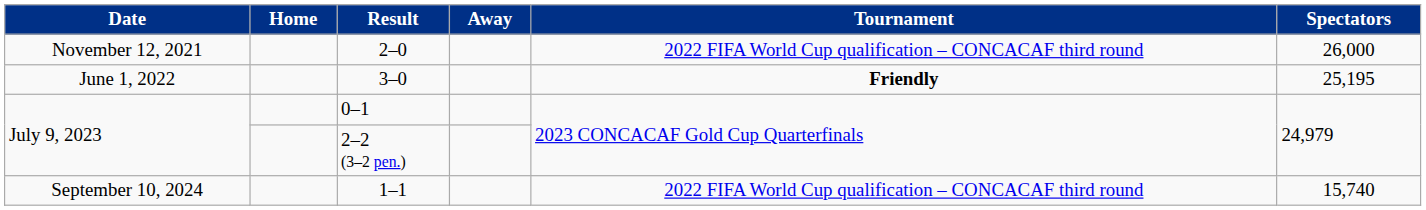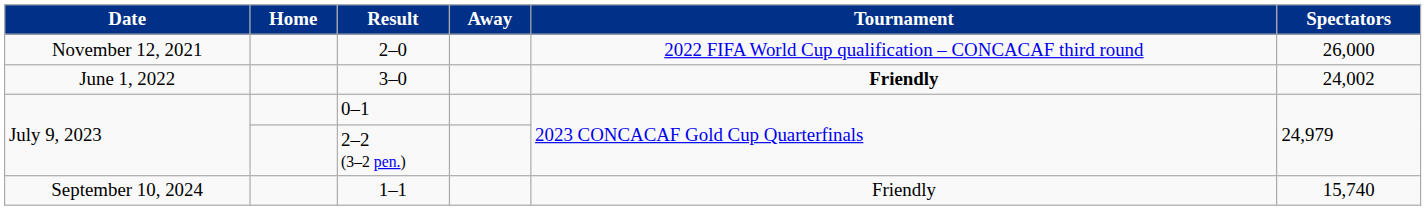 <table class="wikitable" style="text-align:left; width:95%;" style="text-align:center">
 <tr>
 <th style="text-align:center; background:#003087; color:#FFFFFF; ">Date</th>
 <th style="text-align:center; background:#003087; color:#FFFFFF; ">Home</th>
 <th style="text-align:center; background:#003087; color:#FFFFFF; ">Result</th>
 <th style="text-align:center; background:#003087; color:#FFFFFF; ">Away</th>
 <th style="text-align:center; background:#003087; color:#FFFFFF; ">Tournament</th>
 <th style="text-align:center; background:#003087; color:#FFFFFF; ">Spectators</th>
 </tr>
 <tr>
 <td style="text-align:center;">November 12, 2021</td>
 <td><strong></strong></td>
 <td style="text-align:center;">2–0</td>
 <td></td>
 <td style="text-align:center;"><a href='#'>2022 FIFA World Cup qualification – CONCACAF third round</a></td>
 <td style="text-align:center;">26,000</td>
 </tr>
 <tr>
 <td style="text-align:center;">June 1, 2022</td>
 <td><strong></strong></td>
 <td style="text-align:center;">3–0</td>
 <td></td>
 <td style="text-align:center;"><strong>Friendly</strong></td>
-<td style="text-align:center;">25,195</td>
+<td style="text-align:center;">24,002</td>
 </tr>
 <tr>
 <td rowspan="2">July 9, 2023</td>
 <td></td>
 <td>0–1</td>
 <td><strong></strong></td>
 <td rowspan="2"><a href='#'>2023 CONCACAF Gold Cup Quarterfinals</a></td>
 <td rowspan="2">24,979</td>
 </tr>
 <tr>
 <td><strong></strong></td>
 <td>2–2<br><small>(3–2 <a href='#'>pen.</a>)</small></td>
 <td></td>
 </tr>
 <tr>
 <td style="text-align:center;">September 10, 2024</td>
 <td></td>
 <td style="text-align:center;">1–1</td>
 <td></td>
-<td style="text-align:center;"><a href='#'>2022 FIFA World Cup qualification – CONCACAF third round</a></td>
+<td style="text-align:center;">Friendly</td>
 <td style="text-align:center;">15,740</td>
 </tr>
 </table>
